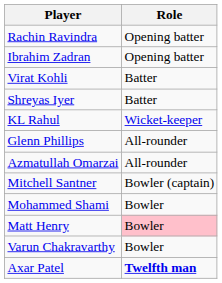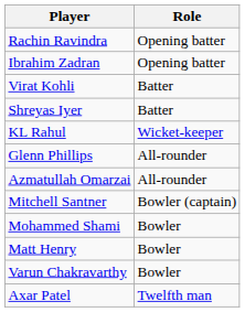 <table class="wikitable">
 <tr>
 <th>Player</th>
 <th>Role</th>
 </tr>
 <tr>
 <td> <a href='#'>Rachin Ravindra</a></td>
 <td>Opening batter</td>
 </tr>
 <tr>
 <td> <a href='#'>Ibrahim Zadran</a></td>
 <td>Opening batter</td>
 </tr>
 <tr>
 <td> <a href='#'>Virat Kohli</a></td>
 <td>Batter</td>
 </tr>
 <tr>
 <td> <a href='#'>Shreyas Iyer</a></td>
 <td>Batter</td>
 </tr>
 <tr>
 <td> <a href='#'>KL Rahul</a></td>
 <td><a href='#'>Wicket-keeper</a></td>
 </tr>
 <tr>
 <td> <a href='#'>Glenn Phillips</a></td>
 <td>All-rounder</td>
 </tr>
 <tr>
 <td> <a href='#'>Azmatullah Omarzai</a></td>
 <td>All-rounder</td>
 </tr>
 <tr>
 <td> <a href='#'>Mitchell Santner</a></td>
 <td>Bowler (captain)</td>
 </tr>
 <tr>
 <td> <a href='#'>Mohammed Shami</a></td>
 <td>Bowler</td>
 </tr>
 <tr>
 <td> <a href='#'>Matt Henry</a></td>
-<td style="background: pink;">Bowler</td>
+<td>Bowler</td>
 </tr>
 <tr>
 <td> <a href='#'>Varun Chakravarthy</a></td>
 <td>Bowler</td>
 </tr>
 <tr>
 <td> <a href='#'>Axar Patel</a></td>
-<td><strong><a href='#'>Twelfth man</a></strong></td>
+<td><a href='#'>Twelfth man</a></td>
 </tr>
 </table>
